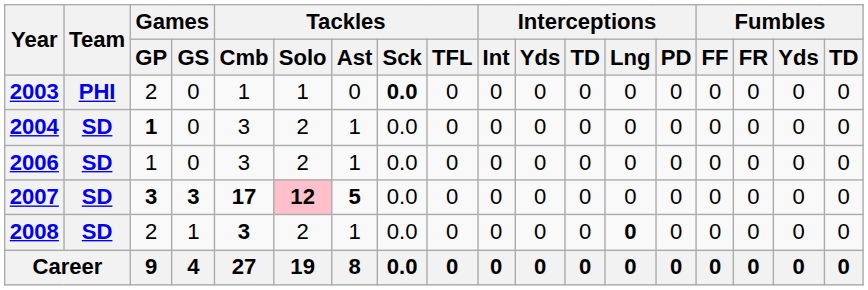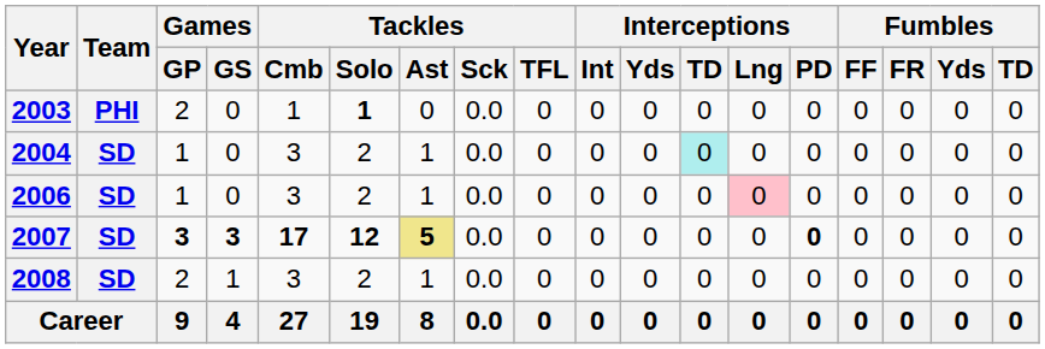 <table class="wikitable" style="text-align:center;">
 <tr>
 <th rowspan="2">Year</th>
 <th rowspan="2">Team</th>
 <th colspan="2">Games</th>
 <th colspan="5">Tackles</th>
 <th colspan="5">Interceptions</th>
 <th colspan="4">Fumbles</th>
 </tr>
 <tr>
 <th>GP</th>
 <th>GS</th>
 <th>Cmb</th>
 <th>Solo</th>
 <th>Ast</th>
 <th>Sck</th>
 <th>TFL</th>
 <th>Int</th>
 <th>Yds</th>
 <th>TD</th>
 <th>Lng</th>
 <th>PD</th>
 <th>FF</th>
 <th>FR</th>
 <th>Yds</th>
 <th>TD</th>
 </tr>
 <tr>
 <th><a href='#'>2003</a></th>
 <th><a href='#'>PHI</a></th>
 <td>2</td>
 <td>0</td>
 <td>1</td>
-<td>1</td>
+<td><strong>1</strong></td>
 <td>0</td>
-<td><strong>0.0</strong></td>
+<td>0.0</td>
 <td>0</td>
 <td>0</td>
 <td>0</td>
 <td>0</td>
 <td>0</td>
 <td>0</td>
 <td>0</td>
 <td>0</td>
 <td>0</td>
 <td>0</td>
 </tr>
 <tr>
 <th><a href='#'>2004</a></th>
 <th><a href='#'>SD</a></th>
-<td><strong>1</strong></td>
+<td>1</td>
 <td>0</td>
 <td>3</td>
 <td>2</td>
 <td>1</td>
 <td>0.0</td>
 <td>0</td>
 <td>0</td>
 <td>0</td>
-<td>0</td>
+<td style="background: paleturquoise;">0</td>
 <td>0</td>
 <td>0</td>
 <td>0</td>
 <td>0</td>
 <td>0</td>
 <td>0</td>
 </tr>
 <tr>
 <th><a href='#'>2006</a></th>
 <th><a href='#'>SD</a></th>
 <td>1</td>
 <td>0</td>
 <td>3</td>
 <td>2</td>
 <td>1</td>
 <td>0.0</td>
 <td>0</td>
 <td>0</td>
 <td>0</td>
 <td>0</td>
-<td>0</td>
+<td style="background: pink;">0</td>
 <td>0</td>
 <td>0</td>
 <td>0</td>
 <td>0</td>
 <td>0</td>
 </tr>
 <tr>
 <th><a href='#'>2007</a></th>
 <th><a href='#'>SD</a></th>
 <td><strong>3</strong></td>
 <td><strong>3</strong></td>
 <td><strong>17</strong></td>
-<td style="background: pink;"><strong>12</strong></td>
-<td><strong>5</strong></td>
+<td><strong>12</strong></td>
+<td style="background: khaki;"><strong>5</strong></td>
 <td>0.0</td>
 <td>0</td>
 <td>0</td>
 <td>0</td>
 <td>0</td>
 <td>0</td>
-<td>0</td>
+<td><strong>0</strong></td>
 <td>0</td>
 <td>0</td>
 <td>0</td>
 <td>0</td>
 </tr>
 <tr>
 <th><a href='#'>2008</a></th>
 <th><a href='#'>SD</a></th>
 <td>2</td>
 <td>1</td>
-<td><strong>3</strong></td>
+<td>3</td>
 <td>2</td>
 <td>1</td>
 <td>0.0</td>
 <td>0</td>
 <td>0</td>
 <td>0</td>
 <td>0</td>
-<td><strong>0</strong></td>
+<td>0</td>
 <td>0</td>
 <td>0</td>
 <td>0</td>
 <td>0</td>
 <td>0</td>
 </tr>
 <tr>
 <th colspan="2">Career</th>
 <th>9</th>
 <th>4</th>
 <th>27</th>
 <th>19</th>
 <th>8</th>
 <th>0.0</th>
 <th>0</th>
 <th>0</th>
 <th>0</th>
 <th>0</th>
 <th>0</th>
 <th>0</th>
 <th>0</th>
 <th>0</th>
 <th>0</th>
 <th>0</th>
 </tr>
 </table>
